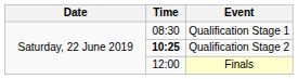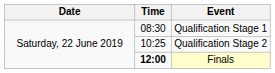 <table class = "wikitable" style="text-align:center;">
 <tr>
 <th width=200>Date</th>
 <th width=50>Time</th>
 <th width=150>Event</th>
 </tr>
 <tr>
 <td rowspan=3>Saturday, 22 June 2019</td>
 <td>08:30</td>
 <td>Qualification Stage 1</td>
 </tr>
 <tr>
-<td><strong>10:25</strong></td>
+<td>10:25</td>
 <td>Qualification Stage 2</td>
 </tr>
 <tr>
-<td>12:00</td>
+<td><strong>12:00</strong></td>
 <td bgcolor=ffffcc>Finals</td>
 </tr>
 </table>
